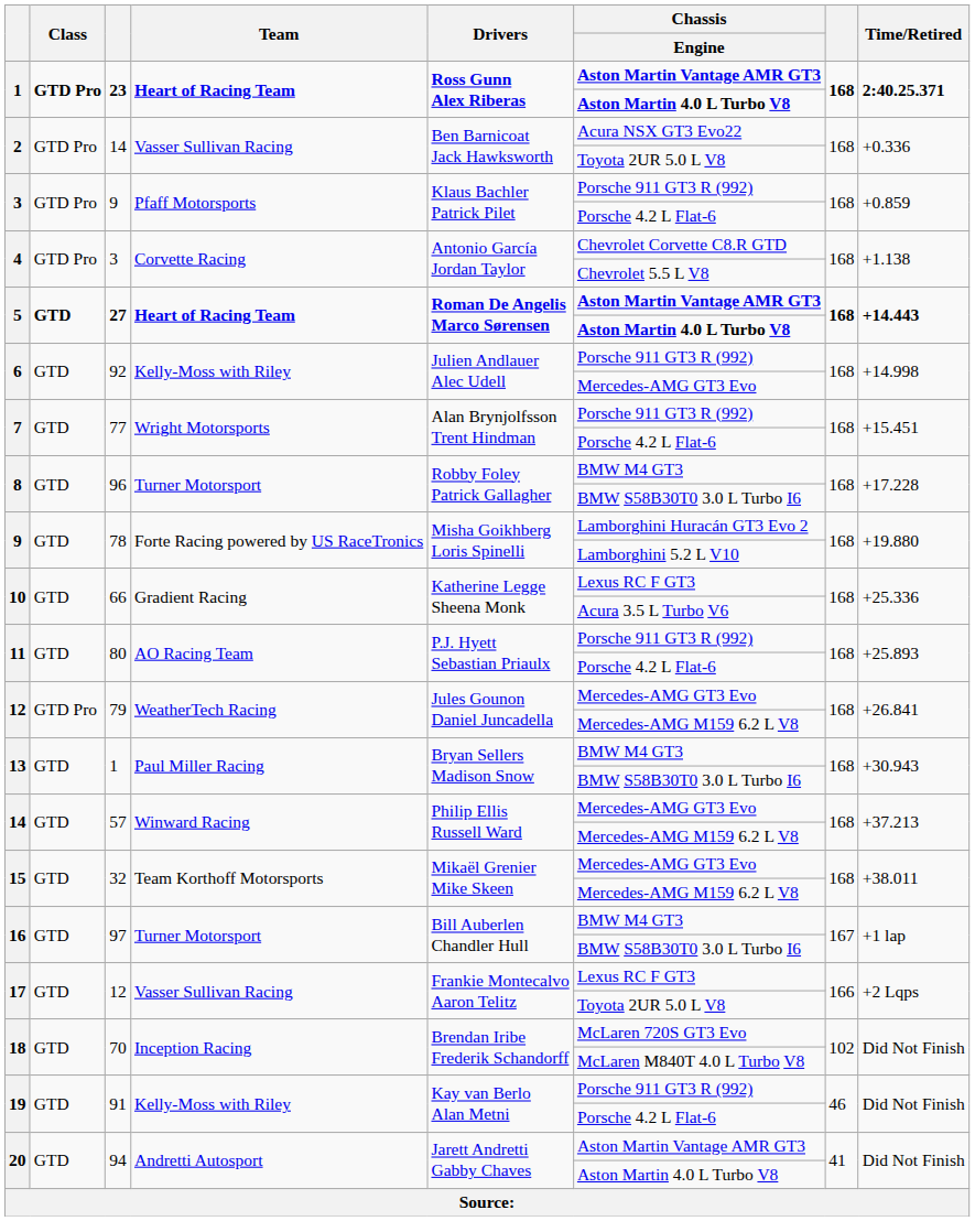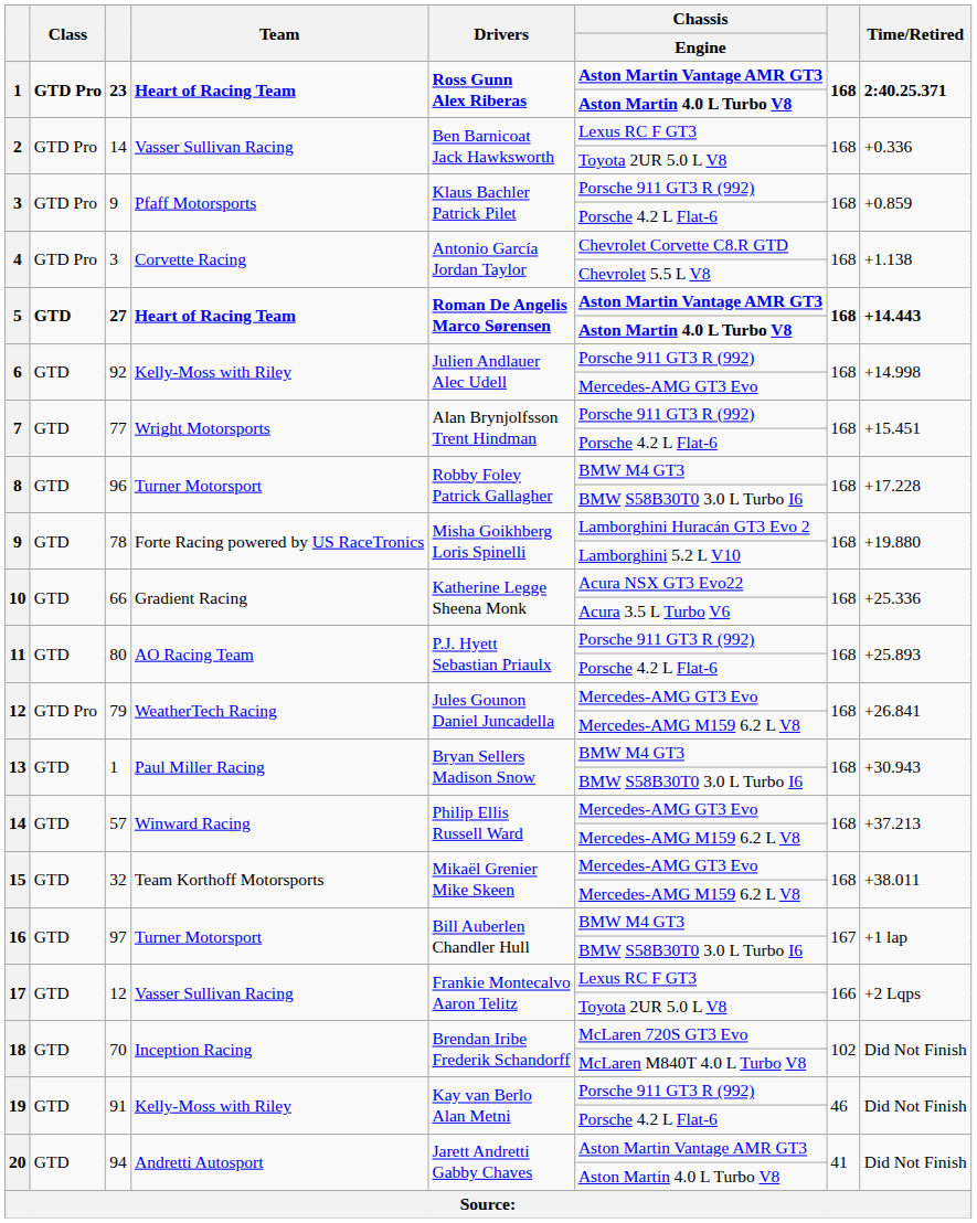 <table class="wikitable" style="font-size:95%;">
 <tr>
 <th rowspan="2"></th>
 <th rowspan="2">Class</th>
 <th rowspan="2"></th>
 <th rowspan="2">Team</th>
 <th rowspan="2">Drivers</th>
 <th>Chassis</th>
 <th rowspan="2"></th>
 <th rowspan="2">Time/Retired</th>
 </tr>
 <tr>
 <th>Engine</th>
 </tr>
 <tr style="font-weight:bold;">
 <th rowspan="2">1</th>
 <td rowspan="2">GTD Pro</td>
 <td rowspan="2">23</td>
 <td rowspan="2"> <a href='#'>Heart of Racing Team</a></td>
 <td rowspan="2"> <a href='#'>Ross Gunn</a><br> <a href='#'>Alex Riberas</a></td>
 <td><a href='#'>Aston Martin Vantage AMR GT3</a></td>
 <td rowspan="2">168</td>
 <td rowspan="2">2:40.25.371</td>
 </tr>
 <tr style="font-weight:bold;">
 <td><a href='#'>Aston Martin</a> 4.0 L Turbo <a href='#'>V8</a></td>
 </tr>
 <tr>
 <th rowspan="2">2</th>
 <td rowspan="2">GTD Pro</td>
 <td rowspan="2">14</td>
 <td rowspan="2"> <a href='#'>Vasser Sullivan Racing</a></td>
 <td rowspan="2"> <a href='#'>Ben Barnicoat</a><br> <a href='#'>Jack Hawksworth</a></td>
-<td><a href='#'>Acura NSX GT3 Evo22</a></td>
+<td><a href='#'>Lexus RC F GT3</a></td>
 <td rowspan="2">168</td>
 <td rowspan="2">+0.336</td>
 </tr>
 <tr>
 <td><a href='#'>Toyota</a> 2UR 5.0 L <a href='#'>V8</a></td>
 </tr>
 <tr>
 <th rowspan="2">3</th>
 <td rowspan="2">GTD Pro</td>
 <td rowspan="2">9</td>
 <td rowspan="2"> <a href='#'>Pfaff Motorsports</a></td>
 <td rowspan="2"> <a href='#'>Klaus Bachler</a><br> <a href='#'>Patrick Pilet</a></td>
 <td><a href='#'>Porsche 911 GT3 R (992)</a></td>
 <td rowspan="2">168</td>
 <td rowspan="2">+0.859</td>
 </tr>
 <tr>
 <td><a href='#'>Porsche</a> 4.2 L <a href='#'>Flat-6</a></td>
 </tr>
 <tr>
 <th rowspan="2">4</th>
 <td rowspan="2">GTD Pro</td>
 <td rowspan="2">3</td>
 <td rowspan="2"> <a href='#'>Corvette Racing</a></td>
 <td rowspan="2"> <a href='#'>Antonio García</a><br> <a href='#'>Jordan Taylor</a></td>
 <td><a href='#'>Chevrolet Corvette C8.R GTD</a></td>
 <td rowspan="2">168</td>
 <td rowspan="2">+1.138</td>
 </tr>
 <tr>
 <td><a href='#'>Chevrolet</a> 5.5 L <a href='#'>V8</a></td>
 </tr>
 <tr style="font-weight:bold;">
 <th rowspan="2">5</th>
 <td rowspan="2">GTD</td>
 <td rowspan="2">27</td>
 <td rowspan="2"> <a href='#'>Heart of Racing Team</a></td>
 <td rowspan="2"> <a href='#'>Roman De Angelis</a><br> <a href='#'>Marco Sørensen</a></td>
 <td><a href='#'>Aston Martin Vantage AMR GT3</a></td>
 <td rowspan="2">168</td>
 <td rowspan="2">+14.443</td>
 </tr>
 <tr>
 <td><strong><a href='#'>Aston Martin</a> 4.0 L Turbo <a href='#'>V8</a></strong></td>
 </tr>
 <tr>
 <th rowspan="2">6</th>
 <td rowspan="2">GTD</td>
 <td rowspan="2">92</td>
 <td rowspan="2"> <a href='#'>Kelly-Moss with Riley</a></td>
 <td rowspan="2"> <a href='#'>Julien Andlauer</a><br> <a href='#'>Alec Udell</a></td>
 <td><a href='#'>Porsche 911 GT3 R (992)</a></td>
 <td rowspan="2">168</td>
 <td rowspan="2">+14.998</td>
 </tr>
 <tr>
 <td><a href='#'>Mercedes-AMG GT3 Evo</a></td>
 </tr>
 <tr>
 <th rowspan="2">7</th>
 <td rowspan="2">GTD</td>
 <td rowspan="2">77</td>
 <td rowspan="2"> <a href='#'>Wright Motorsports</a></td>
 <td rowspan="2"> Alan Brynjolfsson<br> <a href='#'>Trent Hindman</a></td>
 <td><a href='#'>Porsche 911 GT3 R (992)</a></td>
 <td rowspan="2">168</td>
 <td rowspan="2">+15.451</td>
 </tr>
 <tr>
 <td><a href='#'>Porsche</a> 4.2 L <a href='#'>Flat-6</a></td>
 </tr>
 <tr>
 <th rowspan="2">8</th>
 <td rowspan="2">GTD</td>
 <td rowspan="2">96</td>
 <td rowspan="2"> <a href='#'>Turner Motorsport</a></td>
 <td rowspan="2"> <a href='#'>Robby Foley</a><br> <a href='#'>Patrick Gallagher</a></td>
 <td><a href='#'>BMW M4 GT3</a></td>
 <td rowspan="2">168</td>
 <td rowspan="2">+17.228</td>
 </tr>
 <tr>
 <td><a href='#'>BMW</a> <a href='#'>S58B30T0</a> 3.0 L Turbo <a href='#'>I6</a></td>
 </tr>
 <tr>
 <th rowspan="2">9</th>
 <td rowspan="2">GTD</td>
 <td rowspan="2">78</td>
 <td rowspan="2"> Forte Racing powered by <a href='#'>US RaceTronics</a></td>
 <td rowspan="2"> <a href='#'>Misha Goikhberg</a><br> <a href='#'>Loris Spinelli</a></td>
 <td><a href='#'>Lamborghini Huracán GT3 Evo 2</a></td>
 <td rowspan="2">168</td>
 <td rowspan="2">+19.880</td>
 </tr>
 <tr>
 <td><a href='#'>Lamborghini</a> 5.2 L <a href='#'>V10</a></td>
 </tr>
 <tr>
 <th rowspan="2">10</th>
 <td rowspan="2">GTD</td>
 <td rowspan="2">66</td>
 <td rowspan="2"> Gradient Racing</td>
 <td rowspan="2"> <a href='#'>Katherine Legge</a><br> Sheena Monk</td>
-<td><a href='#'>Lexus RC F GT3</a></td>
+<td><a href='#'>Acura NSX GT3 Evo22</a></td>
 <td rowspan="2">168</td>
 <td rowspan="2">+25.336</td>
 </tr>
 <tr>
 <td><a href='#'>Acura</a> 3.5 L <a href='#'>Turbo</a> <a href='#'>V6</a></td>
 </tr>
 <tr>
 <th rowspan="2">11</th>
 <td rowspan="2">GTD</td>
 <td rowspan="2">80</td>
 <td rowspan="2"> <a href='#'>AO Racing Team</a></td>
 <td rowspan="2"> <a href='#'>P.J. Hyett</a><br> <a href='#'>Sebastian Priaulx</a></td>
 <td><a href='#'>Porsche 911 GT3 R (992)</a></td>
 <td rowspan="2">168</td>
 <td rowspan="2">+25.893</td>
 </tr>
 <tr>
 <td><a href='#'>Porsche</a> 4.2 L <a href='#'>Flat-6</a></td>
 </tr>
 <tr>
 <th rowspan="2">12</th>
 <td rowspan="2">GTD Pro</td>
 <td rowspan="2">79</td>
 <td rowspan="2"> <a href='#'>WeatherTech Racing</a></td>
 <td rowspan="2"> <a href='#'>Jules Gounon</a><br> <a href='#'>Daniel Juncadella</a></td>
 <td><a href='#'>Mercedes-AMG GT3 Evo</a></td>
 <td rowspan="2">168</td>
 <td rowspan="2">+26.841</td>
 </tr>
 <tr>
 <td><a href='#'>Mercedes-AMG M159</a> 6.2 L <a href='#'>V8</a></td>
 </tr>
 <tr>
 <th rowspan="2">13</th>
 <td rowspan="2">GTD</td>
 <td rowspan="2">1</td>
 <td rowspan="2"> <a href='#'>Paul Miller Racing</a></td>
 <td rowspan="2"> <a href='#'>Bryan Sellers</a><br> <a href='#'>Madison Snow</a></td>
 <td><a href='#'>BMW M4 GT3</a></td>
 <td rowspan="2">168</td>
 <td rowspan="2">+30.943</td>
 </tr>
 <tr>
 <td><a href='#'>BMW</a> <a href='#'>S58B30T0</a> 3.0 L Turbo <a href='#'>I6</a></td>
 </tr>
 <tr>
 <th rowspan="2">14</th>
 <td rowspan="2">GTD</td>
 <td rowspan="2">57</td>
 <td rowspan="2"> <a href='#'>Winward Racing</a></td>
 <td rowspan="2"> <a href='#'>Philip Ellis</a><br> <a href='#'>Russell Ward</a></td>
 <td><a href='#'>Mercedes-AMG GT3 Evo</a></td>
 <td rowspan="2">168</td>
 <td rowspan="2">+37.213</td>
 </tr>
 <tr>
 <td><a href='#'>Mercedes-AMG M159</a> 6.2 L <a href='#'>V8</a></td>
 </tr>
 <tr>
 <th rowspan="2">15</th>
 <td rowspan="2">GTD</td>
 <td rowspan="2">32</td>
 <td rowspan="2"> Team Korthoff Motorsports</td>
 <td rowspan="2"> <a href='#'>Mikaël Grenier</a><br> <a href='#'>Mike Skeen</a></td>
 <td><a href='#'>Mercedes-AMG GT3 Evo</a></td>
 <td rowspan="2">168</td>
 <td rowspan="2">+38.011</td>
 </tr>
 <tr>
 <td><a href='#'>Mercedes-AMG M159</a> 6.2 L <a href='#'>V8</a></td>
 </tr>
 <tr>
 <th rowspan="2">16</th>
 <td rowspan="2">GTD</td>
 <td rowspan="2">97</td>
 <td rowspan="2"> <a href='#'>Turner Motorsport</a></td>
 <td rowspan="2"> <a href='#'>Bill Auberlen</a><br> Chandler Hull</td>
 <td><a href='#'>BMW M4 GT3</a></td>
 <td rowspan="2">167</td>
 <td rowspan="2">+1 lap</td>
 </tr>
 <tr>
 <td><a href='#'>BMW</a> <a href='#'>S58B30T0</a> 3.0 L Turbo <a href='#'>I6</a></td>
 </tr>
 <tr>
 <th rowspan="2">17</th>
 <td rowspan="2">GTD</td>
 <td rowspan="2">12</td>
 <td rowspan="2"> <a href='#'>Vasser Sullivan Racing</a></td>
 <td rowspan="2"> <a href='#'>Frankie Montecalvo</a><br> <a href='#'>Aaron Telitz</a></td>
 <td><a href='#'>Lexus RC F GT3</a></td>
 <td rowspan="2">166</td>
 <td rowspan="2">+2 Lqps</td>
 </tr>
 <tr>
 <td><a href='#'>Toyota</a> 2UR 5.0 L <a href='#'>V8</a></td>
 </tr>
 <tr>
 <th rowspan="2">18</th>
 <td rowspan="2">GTD</td>
 <td rowspan="2">70</td>
 <td rowspan="2"> <a href='#'>Inception Racing</a></td>
 <td rowspan="2"> <a href='#'>Brendan Iribe</a><br> <a href='#'>Frederik Schandorff</a></td>
 <td><a href='#'>McLaren 720S GT3 Evo</a></td>
 <td rowspan="2">102</td>
 <td rowspan="2">Did Not Finish</td>
 </tr>
 <tr>
 <td><a href='#'>McLaren</a> M840T 4.0 L <a href='#'>Turbo</a> <a href='#'>V8</a></td>
 </tr>
 <tr>
 <th rowspan="2">19</th>
 <td rowspan="2">GTD</td>
 <td rowspan="2">91</td>
 <td rowspan="2"> <a href='#'>Kelly-Moss with Riley</a></td>
 <td rowspan="2"> <a href='#'>Kay van Berlo</a><br> <a href='#'>Alan Metni</a></td>
 <td><a href='#'>Porsche 911 GT3 R (992)</a></td>
 <td rowspan="2">46</td>
 <td rowspan="2">Did Not Finish</td>
 </tr>
 <tr>
 <td><a href='#'>Porsche</a> 4.2 L <a href='#'>Flat-6</a></td>
 </tr>
 <tr>
 <th rowspan="2">20</th>
 <td rowspan="2">GTD</td>
 <td rowspan="2">94</td>
 <td rowspan="2"> <a href='#'>Andretti Autosport</a></td>
 <td rowspan="2"> <a href='#'>Jarett Andretti</a><br> <a href='#'>Gabby Chaves</a></td>
 <td><a href='#'>Aston Martin Vantage AMR GT3</a></td>
 <td rowspan="2">41</td>
 <td rowspan="2">Did Not Finish</td>
 </tr>
 <tr>
 <td><a href='#'>Aston Martin</a> 4.0 L Turbo <a href='#'>V8</a></td>
 </tr>
 <tr>
 <th colspan="8">Source:</th>
 </tr>
 </table>
